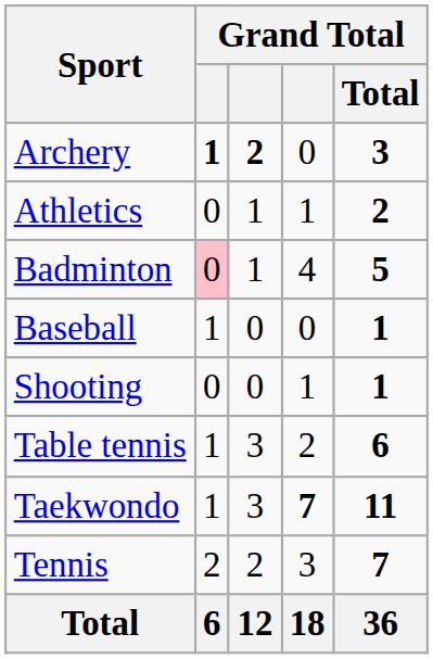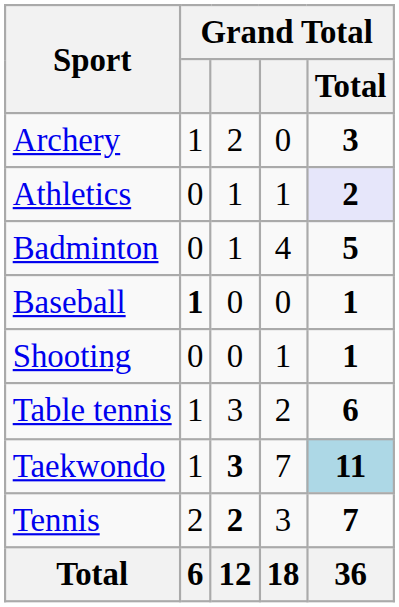 <table class="wikitable" style="font-size: 95%">
 <tr>
 <th rowspan=2>Sport</th>
 <th colspan=4>Grand Total</th>
 </tr>
 <tr>
 <th></th>
 <th></th>
 <th></th>
 <th>Total</th>
 </tr>
 <tr align=center>
 <td align=left><a href='#'>Archery</a></td>
-<td><strong>1</strong></td>
-<td><strong>2</strong></td>
+<td>1</td>
+<td>2</td>
 <td>0</td>
 <td><strong>3</strong></td>
 </tr>
 <tr align=center>
 <td align=left><a href='#'>Athletics</a></td>
 <td>0</td>
 <td>1</td>
 <td>1</td>
-<td><strong>2</strong></td>
+<td style="background: lavender;"><strong>2</strong></td>
 </tr>
 <tr align=center>
 <td align=left><a href='#'>Badminton</a></td>
-<td style="background: pink;">0</td>
+<td>0</td>
 <td>1</td>
 <td>4</td>
 <td><strong>5</strong></td>
 </tr>
 <tr align=center>
 <td align=left><a href='#'>Baseball</a></td>
-<td>1</td>
+<td><strong>1</strong></td>
 <td>0</td>
 <td>0</td>
 <td><strong>1</strong></td>
 </tr>
 <tr align=center>
 <td align=left><a href='#'>Shooting</a></td>
 <td>0</td>
 <td>0</td>
 <td>1</td>
 <td><strong>1</strong></td>
 </tr>
 <tr align=center>
 <td align=left><a href='#'>Table tennis</a></td>
 <td>1</td>
 <td>3</td>
 <td>2</td>
 <td><strong>6</strong></td>
 </tr>
 <tr align=center>
 <td align=left><a href='#'>Taekwondo</a></td>
 <td>1</td>
-<td>3</td>
-<td><strong>7</strong></td>
-<td><strong>11</strong></td>
+<td><strong>3</strong></td>
+<td>7</td>
+<td style="background: lightblue;"><strong>11</strong></td>
 </tr>
 <tr align=center>
 <td align=left><a href='#'>Tennis</a></td>
 <td>2</td>
-<td>2</td>
+<td><strong>2</strong></td>
 <td>3</td>
 <td><strong>7</strong></td>
 </tr>
 <tr align=center>
 <th>Total</th>
 <th>6</th>
 <th>12</th>
 <th>18</th>
 <th>36</th>
 </tr>
 </table>
